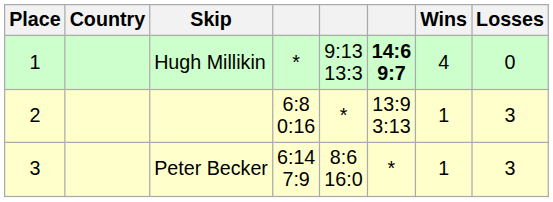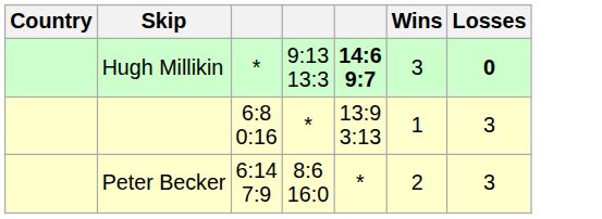 <table class="wikitable" style="text-align:center;">
 <tr>
-<th>Place</th>
 <th>Country</th>
 <th>Skip</th>
 <th width="25"></th>
 <th width="25"></th>
 <th width="25"></th>
 <th>Wins</th>
 <th>Losses</th>
 </tr>
 <tr bgcolor=#ccffcc>
-<td>1</td>
 <td align=left></td>
 <td align=left>Hugh Millikin</td>
 <td>*</td>
 <td>9:13<br>13:3</td>
 <td><strong>14:6<br> 9:7</strong></td>
-<td>4</td>
-<td>0</td>
+<td>3</td>
+<td><strong>0</strong></td>
 </tr>
 <tr bgcolor=#ffffcc>
-<td>2</td>
 <td align=left></td>
 <td align=left></td>
 <td>6:8<br>0:16</td>
 <td>*</td>
 <td>13:9<br>3:13</td>
 <td>1</td>
 <td>3</td>
 </tr>
 <tr bgcolor=#ffffcc>
-<td>3</td>
 <td align=left></td>
 <td align=left>Peter Becker</td>
 <td>6:14<br> 7:9</td>
 <td>8:6<br>16:0</td>
 <td>*</td>
-<td>1</td>
+<td>2</td>
 <td>3</td>
 </tr>
 </table>
